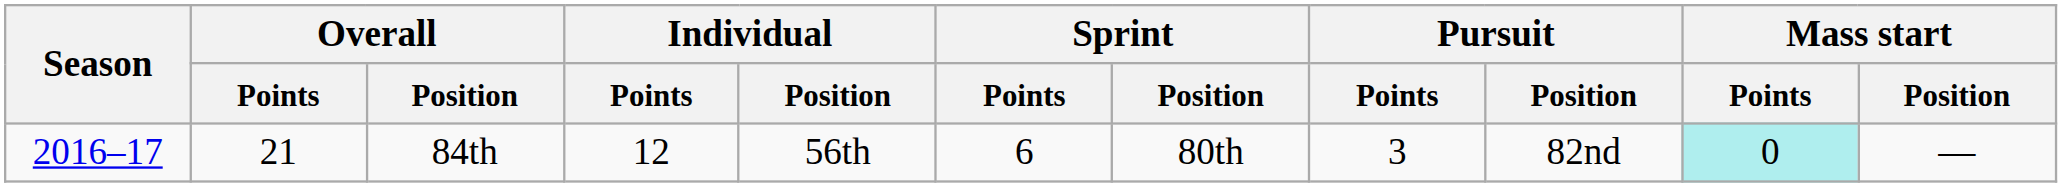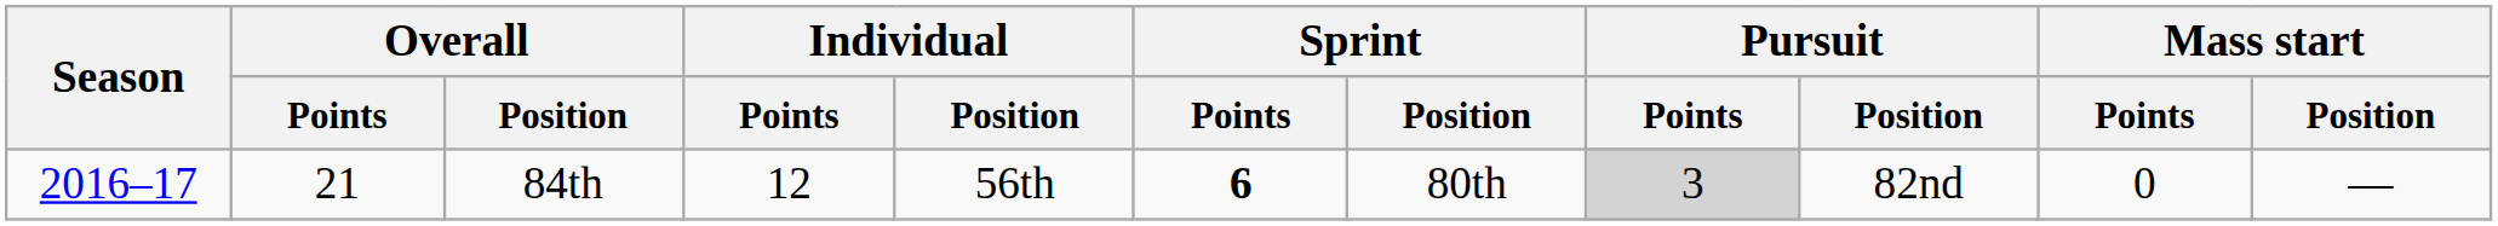 <table class="wikitable" style="text-align:center;" width="70%">
 <tr class="hintergrundfarbe5">
 <th rowspan="2" style="width:4%;">Season</th>
 <th colspan="2">Overall</th>
 <th colspan="2">Individual</th>
 <th colspan="2">Sprint</th>
 <th colspan="2">Pursuit</th>
 <th colspan="2">Mass start</th>
 </tr>
 <tr class="hintergrundfarbe5">
 <th style="width:5%;"><small>Points</small></th>
 <th style="width:5%;"><small>Position</small></th>
 <th style="width:5%;"><small>Points</small></th>
 <th style="width:5%;"><small>Position</small></th>
 <th style="width:5%;"><small>Points</small></th>
 <th style="width:5%;"><small>Position</small></th>
 <th style="width:5%;"><small>Points</small></th>
 <th style="width:5%;"><small>Position</small></th>
 <th style="width:5%;"><small>Points</small></th>
 <th style="width:5%;"><small>Position</small></th>
 </tr>
 <tr>
 <td><a href='#'>2016–17</a></td>
 <td>21</td>
 <td>84th</td>
 <td>12</td>
 <td>56th</td>
-<td>6</td>
+<td><strong>6</strong></td>
 <td>80th</td>
-<td>3</td>
+<td style="background: lightgrey;">3</td>
 <td>82nd</td>
-<td style="background: paleturquoise;">0</td>
+<td>0</td>
 <td>—</td>
 </tr>
 </table>
